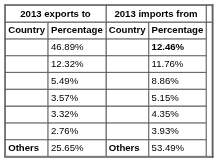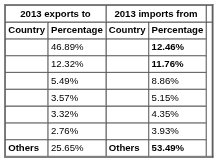 <table style=align="center" border="2" cellpadding="4" cellspacing="0" class="bonita" style="margin: 0.5em 0.5em 0.5em 1em; padding: 0.5em; background: #f9f9f9; border: 1px #aaa solid; border-collapse: collapse; font-size: 95%;">
 <tr>
 <th colspan="2">2013 exports to</th>
 <th colspan="2">2013 imports from</th>
 <th></th>
 </tr>
 <tr>
 <th>Country</th>
 <th>Percentage</th>
 <th>Country</th>
 <th>Percentage</th>
 <td rowspan="8"><br></td>
 </tr>
 <tr>
 <td><strong></strong></td>
 <td>46.89%</td>
 <td><strong></strong></td>
 <td><strong>12.46%</strong></td>
 </tr>
 <tr>
 <td><strong></strong></td>
 <td>12.32%</td>
 <td><strong></strong></td>
-<td>11.76%</td>
+<td><strong>11.76%</strong></td>
 </tr>
 <tr>
 <td><strong></strong></td>
 <td>5.49%</td>
 <td><strong></strong></td>
 <td>8.86%</td>
 </tr>
 <tr>
 <td><strong></strong></td>
 <td>3.57%</td>
 <td><strong></strong></td>
 <td>5.15%</td>
 </tr>
 <tr>
 <td><strong></strong></td>
 <td>3.32%</td>
 <td><strong></strong></td>
 <td>4.35%</td>
 </tr>
 <tr>
 <td><strong></strong></td>
 <td>2.76%</td>
 <td><strong></strong></td>
 <td>3.93%</td>
 </tr>
 <tr>
 <td><strong>Others</strong></td>
 <td>25.65%</td>
 <td><strong>Others</strong></td>
-<td>53.49%</td>
+<td><strong>53.49%</strong></td>
 </tr>
 </table>
